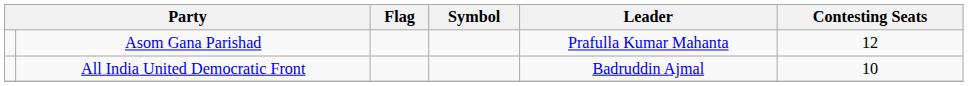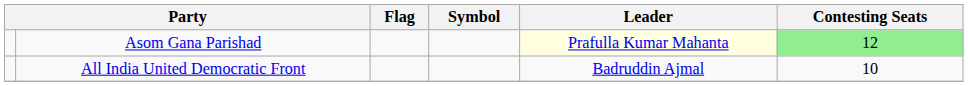 <table class="wikitable" width="60%" style="text-align:center">
 <tr>
 <th colspan="2">Party</th>
 <th>Flag</th>
 <th>Symbol</th>
 <th>Leader</th>
 <th>Contesting Seats</th>
 </tr>
 <tr>
 <td></td>
 <td><a href='#'>Asom Gana Parishad</a></td>
 <td></td>
 <td></td>
-<td><a href='#'>Prafulla Kumar Mahanta</a></td>
-<td>12</td>
+<td style="background: lightyellow;"><a href='#'>Prafulla Kumar Mahanta</a></td>
+<td style="background: lightgreen;">12</td>
 </tr>
 <tr>
 <td></td>
 <td><a href='#'>All India United Democratic Front</a></td>
 <td></td>
 <td></td>
 <td><a href='#'>Badruddin Ajmal</a></td>
 <td>10</td>
 </tr>
 <tr>
 </tr>
 </table>
